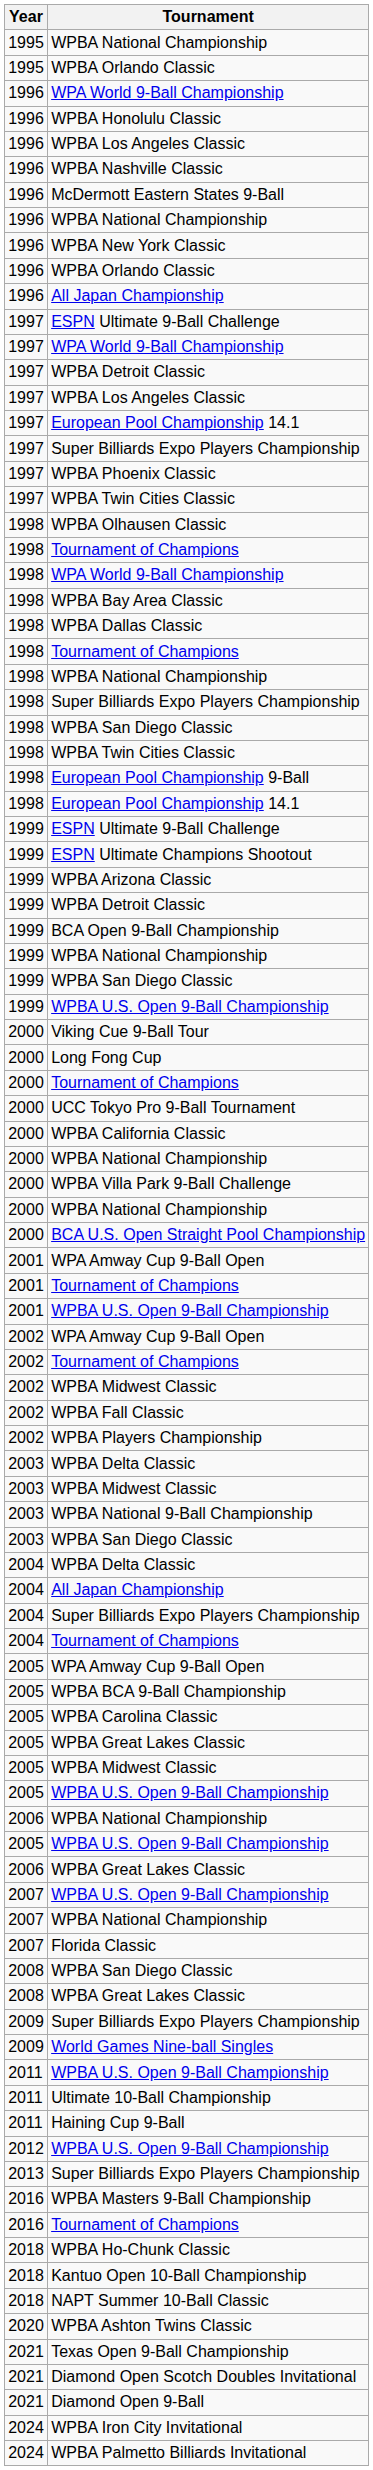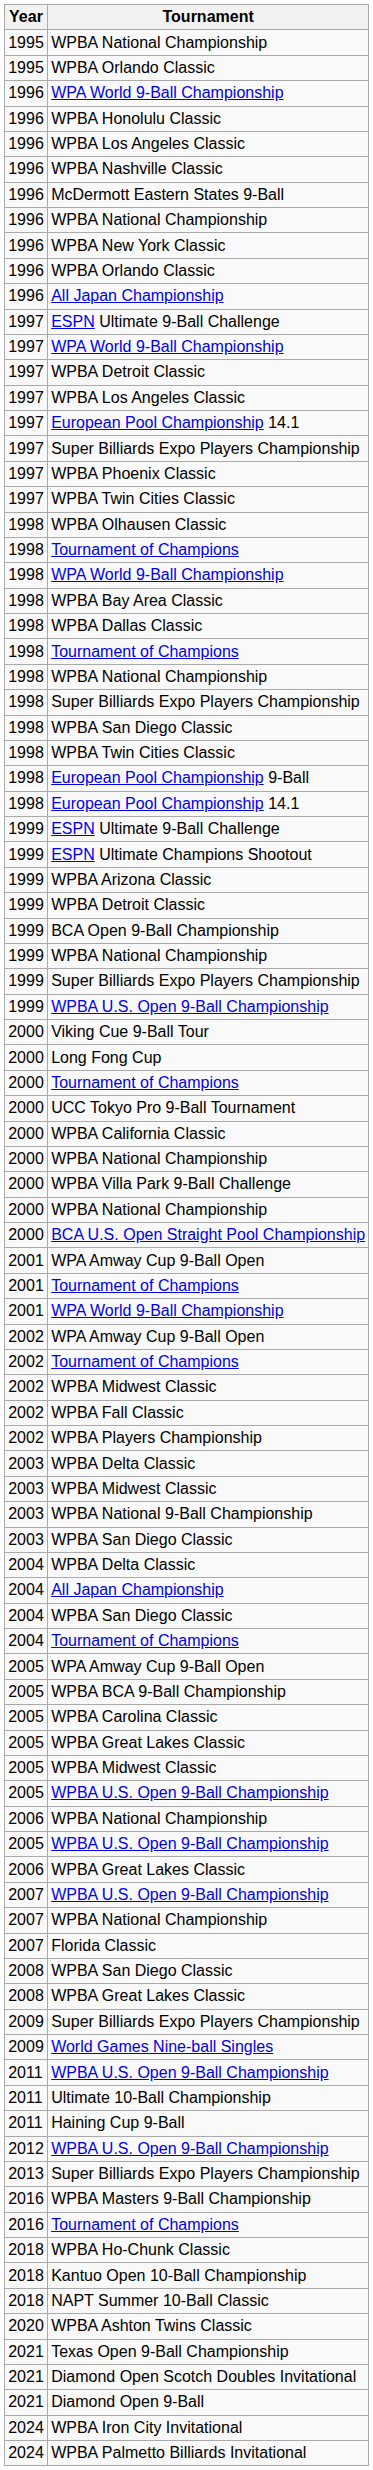 <table class="wikitable">
 <tr>
 <th>Year</th>
 <th>Tournament</th>
 </tr>
 <tr>
 <td>1995</td>
 <td>WPBA National Championship</td>
 </tr>
 <tr>
 <td>1995</td>
 <td>WPBA Orlando Classic</td>
 </tr>
 <tr>
 <td>1996</td>
 <td><a href='#'>WPA World 9-Ball Championship</a></td>
 </tr>
 <tr>
 <td>1996</td>
 <td>WPBA Honolulu Classic</td>
 </tr>
 <tr>
 <td>1996</td>
 <td>WPBA Los Angeles Classic</td>
 </tr>
 <tr>
 <td>1996</td>
 <td>WPBA Nashville Classic</td>
 </tr>
 <tr>
 <td>1996</td>
 <td>McDermott Eastern States 9-Ball</td>
 </tr>
 <tr>
 <td>1996</td>
 <td>WPBA National Championship</td>
 </tr>
 <tr>
 <td>1996</td>
 <td>WPBA New York Classic</td>
 </tr>
 <tr>
 <td>1996</td>
 <td>WPBA Orlando Classic</td>
 </tr>
 <tr>
 <td>1996</td>
 <td><a href='#'>All Japan Championship</a></td>
 </tr>
 <tr>
 <td>1997</td>
 <td><a href='#'>ESPN</a> Ultimate 9-Ball Challenge</td>
 </tr>
 <tr>
 <td>1997</td>
 <td><a href='#'>WPA World 9-Ball Championship</a></td>
 </tr>
 <tr>
 <td>1997</td>
 <td>WPBA Detroit Classic</td>
 </tr>
 <tr>
 <td>1997</td>
 <td>WPBA Los Angeles Classic</td>
 </tr>
 <tr>
 <td>1997</td>
 <td><a href='#'>European Pool Championship</a> 14.1</td>
 </tr>
 <tr>
 <td>1997</td>
 <td>Super Billiards Expo Players Championship</td>
 </tr>
 <tr>
 <td>1997</td>
 <td>WPBA Phoenix Classic</td>
 </tr>
 <tr>
 <td>1997</td>
 <td>WPBA Twin Cities Classic</td>
 </tr>
 <tr>
 <td>1998</td>
 <td>WPBA Olhausen Classic</td>
 </tr>
 <tr>
 <td>1998</td>
 <td><a href='#'>Tournament of Champions</a></td>
 </tr>
 <tr>
 <td>1998</td>
 <td><a href='#'>WPA World 9-Ball Championship</a></td>
 </tr>
 <tr>
 <td>1998</td>
 <td>WPBA Bay Area Classic</td>
 </tr>
 <tr>
 <td>1998</td>
 <td>WPBA Dallas Classic</td>
 </tr>
 <tr>
 <td>1998</td>
 <td><a href='#'>Tournament of Champions</a></td>
 </tr>
 <tr>
 <td>1998</td>
 <td>WPBA National Championship</td>
 </tr>
 <tr>
 <td>1998</td>
 <td>Super Billiards Expo Players Championship</td>
 </tr>
 <tr>
 <td>1998</td>
 <td>WPBA San Diego Classic</td>
 </tr>
 <tr>
 <td>1998</td>
 <td>WPBA Twin Cities Classic</td>
 </tr>
 <tr>
 <td>1998</td>
 <td><a href='#'>European Pool Championship</a> 9-Ball</td>
 </tr>
 <tr>
 <td>1998</td>
 <td><a href='#'>European Pool Championship</a> 14.1</td>
 </tr>
 <tr>
 <td>1999</td>
 <td><a href='#'>ESPN</a> Ultimate 9-Ball Challenge</td>
 </tr>
 <tr>
 <td>1999</td>
 <td><a href='#'>ESPN</a> Ultimate Champions Shootout</td>
 </tr>
 <tr>
 <td>1999</td>
 <td>WPBA Arizona Classic</td>
 </tr>
 <tr>
 <td>1999</td>
 <td>WPBA Detroit Classic</td>
 </tr>
 <tr>
 <td>1999</td>
 <td>BCA Open 9-Ball Championship</td>
 </tr>
 <tr>
 <td>1999</td>
 <td>WPBA National Championship</td>
 </tr>
 <tr>
 <td>1999</td>
-<td>WPBA San Diego Classic</td>
+<td>Super Billiards Expo Players Championship</td>
 </tr>
 <tr>
 <td>1999</td>
 <td><a href='#'>WPBA U.S. Open 9-Ball Championship</a></td>
 </tr>
 <tr>
 <td>2000</td>
 <td>Viking Cue 9-Ball Tour</td>
 </tr>
 <tr>
 <td>2000</td>
 <td>Long Fong Cup</td>
 </tr>
 <tr>
 <td>2000</td>
 <td><a href='#'>Tournament of Champions</a></td>
 </tr>
 <tr>
 <td>2000</td>
 <td>UCC Tokyo Pro 9-Ball Tournament</td>
 </tr>
 <tr>
 <td>2000</td>
 <td>WPBA California Classic</td>
 </tr>
 <tr>
 <td>2000</td>
 <td>WPBA National Championship</td>
 </tr>
 <tr>
 <td>2000</td>
 <td>WPBA Villa Park 9-Ball Challenge</td>
 </tr>
 <tr>
 <td>2000</td>
 <td>WPBA National Championship</td>
 </tr>
 <tr>
 <td>2000</td>
 <td><a href='#'>BCA U.S. Open Straight Pool Championship</a></td>
 </tr>
 <tr>
 <td>2001</td>
 <td>WPA Amway Cup 9-Ball Open</td>
 </tr>
 <tr>
 <td>2001</td>
 <td><a href='#'>Tournament of Champions</a></td>
 </tr>
 <tr>
 <td>2001</td>
-<td><a href='#'>WPBA U.S. Open 9-Ball Championship</a></td>
+<td><a href='#'>WPA World 9-Ball Championship</a></td>
 </tr>
 <tr>
 <td>2002</td>
 <td>WPA Amway Cup 9-Ball Open</td>
 </tr>
 <tr>
 <td>2002</td>
 <td><a href='#'>Tournament of Champions</a></td>
 </tr>
 <tr>
 <td>2002</td>
 <td>WPBA Midwest Classic</td>
 </tr>
 <tr>
 <td>2002</td>
 <td>WPBA Fall Classic</td>
 </tr>
 <tr>
 <td>2002</td>
 <td>WPBA Players Championship</td>
 </tr>
 <tr>
 <td>2003</td>
 <td>WPBA Delta Classic</td>
 </tr>
 <tr>
 <td>2003</td>
 <td>WPBA Midwest Classic</td>
 </tr>
 <tr>
 <td>2003</td>
 <td>WPBA National 9-Ball Championship</td>
 </tr>
 <tr>
 <td>2003</td>
 <td>WPBA San Diego Classic</td>
 </tr>
 <tr>
 <td>2004</td>
 <td>WPBA Delta Classic</td>
 </tr>
 <tr>
 <td>2004</td>
 <td><a href='#'>All Japan Championship</a></td>
 </tr>
 <tr>
 <td>2004</td>
-<td>Super Billiards Expo Players Championship</td>
+<td>WPBA San Diego Classic</td>
 </tr>
 <tr>
 <td>2004</td>
 <td><a href='#'>Tournament of Champions</a></td>
 </tr>
 <tr>
 <td>2005</td>
 <td>WPA Amway Cup 9-Ball Open</td>
 </tr>
 <tr>
 <td>2005</td>
 <td>WPBA BCA 9-Ball Championship</td>
 </tr>
 <tr>
 <td>2005</td>
 <td>WPBA Carolina Classic</td>
 </tr>
 <tr>
 <td>2005</td>
 <td>WPBA Great Lakes Classic</td>
 </tr>
 <tr>
 <td>2005</td>
 <td>WPBA Midwest Classic</td>
 </tr>
 <tr>
 <td>2005</td>
 <td><a href='#'>WPBA U.S. Open 9-Ball Championship</a></td>
 </tr>
 <tr>
 <td>2006</td>
 <td>WPBA National Championship</td>
 </tr>
 <tr>
 <td>2005</td>
 <td><a href='#'>WPBA U.S. Open 9-Ball Championship</a></td>
 </tr>
 <tr>
 <td>2006</td>
 <td>WPBA Great Lakes Classic</td>
 </tr>
 <tr>
 <td>2007</td>
 <td><a href='#'>WPBA U.S. Open 9-Ball Championship</a></td>
 </tr>
 <tr>
 <td>2007</td>
 <td>WPBA National Championship</td>
 </tr>
 <tr>
 <td>2007</td>
 <td>Florida Classic</td>
 </tr>
 <tr>
 <td>2008</td>
 <td>WPBA San Diego Classic</td>
 </tr>
 <tr>
 <td>2008</td>
 <td>WPBA Great Lakes Classic</td>
 </tr>
 <tr>
 <td>2009</td>
 <td>Super Billiards Expo Players Championship</td>
 </tr>
 <tr>
 <td>2009</td>
 <td><a href='#'>World Games Nine-ball Singles</a></td>
 </tr>
 <tr>
 <td>2011</td>
 <td><a href='#'>WPBA U.S. Open 9-Ball Championship</a></td>
 </tr>
 <tr>
 <td>2011</td>
 <td>Ultimate 10-Ball Championship</td>
 </tr>
 <tr>
 <td>2011</td>
 <td>Haining Cup 9-Ball</td>
 </tr>
 <tr>
 <td>2012</td>
 <td><a href='#'>WPBA U.S. Open 9-Ball Championship</a></td>
 </tr>
 <tr>
 <td>2013</td>
 <td>Super Billiards Expo Players Championship</td>
 </tr>
 <tr>
 <td>2016</td>
 <td>WPBA Masters 9-Ball Championship</td>
 </tr>
 <tr>
 <td>2016</td>
 <td><a href='#'>Tournament of Champions</a></td>
 </tr>
 <tr>
 <td>2018</td>
 <td>WPBA Ho-Chunk Classic</td>
 </tr>
 <tr>
 <td>2018</td>
 <td>Kantuo Open 10-Ball Championship</td>
 </tr>
 <tr>
 <td>2018</td>
 <td>NAPT Summer 10-Ball Classic</td>
 </tr>
 <tr>
 <td>2020</td>
 <td>WPBA Ashton Twins Classic</td>
 </tr>
 <tr>
 <td>2021</td>
 <td>Texas Open 9-Ball Championship</td>
 </tr>
 <tr>
 <td>2021</td>
 <td>Diamond Open Scotch Doubles Invitational</td>
 </tr>
 <tr>
 <td>2021</td>
 <td>Diamond Open 9-Ball</td>
 </tr>
 <tr>
 <td>2024</td>
 <td>WPBA Iron City Invitational</td>
 </tr>
 <tr>
 <td>2024</td>
 <td>WPBA Palmetto Billiards Invitational</td>
 </tr>
 </table>
